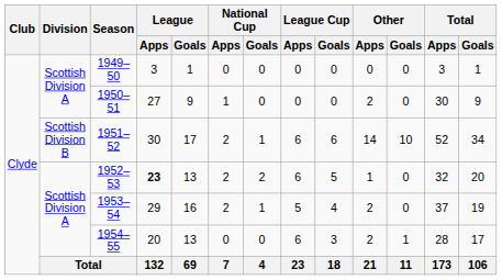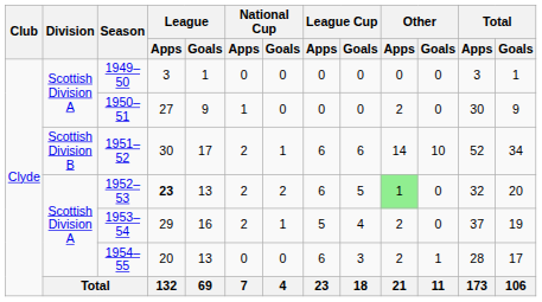 <table class="wikitable" style="text-align: center;">
 <tr>
 <th rowspan="2">Club</th>
 <th rowspan="2">Division</th>
 <th rowspan="2">Season</th>
 <th colspan="2">League</th>
 <th colspan="2">National Cup</th>
 <th colspan="2">League Cup</th>
 <th colspan="2">Other</th>
 <th colspan="2">Total</th>
 </tr>
 <tr>
 <th>Apps</th>
 <th>Goals</th>
 <th>Apps</th>
 <th>Goals</th>
 <th>Apps</th>
 <th>Goals</th>
 <th>Apps</th>
 <th>Goals</th>
 <th>Apps</th>
 <th>Goals</th>
 </tr>
 <tr>
 <td rowspan="7"><a href='#'>Clyde</a></td>
 <td rowspan="2"><a href='#'>Scottish Division A</a></td>
 <td><a href='#'>1949–50</a></td>
 <td>3</td>
 <td>1</td>
 <td>0</td>
 <td>0</td>
 <td>0</td>
 <td>0</td>
 <td>0</td>
 <td>0</td>
 <td>3</td>
 <td>1</td>
 </tr>
 <tr>
 <td><a href='#'>1950–51</a></td>
 <td>27</td>
 <td>9</td>
 <td>1</td>
 <td>0</td>
 <td>0</td>
 <td>0</td>
 <td>2</td>
 <td>0</td>
 <td>30</td>
 <td>9</td>
 </tr>
 <tr>
 <td><a href='#'>Scottish Division B</a></td>
 <td><a href='#'>1951–52</a></td>
 <td>30</td>
 <td>17</td>
 <td>2</td>
 <td>1</td>
 <td>6</td>
 <td>6</td>
 <td>14</td>
 <td>10</td>
 <td>52</td>
 <td>34</td>
 </tr>
 <tr>
 <td rowspan = "3"><a href='#'>Scottish Division A</a></td>
 <td><a href='#'>1952–53</a></td>
 <td><strong>23</strong></td>
 <td>13</td>
 <td>2</td>
 <td>2</td>
 <td>6</td>
 <td>5</td>
-<td>1</td>
+<td style="background: lightgreen;">1</td>
 <td>0</td>
 <td>32</td>
 <td>20</td>
 </tr>
 <tr>
 <td><a href='#'>1953–54</a></td>
 <td>29</td>
 <td>16</td>
 <td>2</td>
 <td>1</td>
 <td>5</td>
 <td>4</td>
 <td>2</td>
 <td>0</td>
 <td>37</td>
 <td>19</td>
 </tr>
 <tr>
 <td><a href='#'>1954–55</a></td>
 <td>20</td>
 <td>13</td>
 <td>0</td>
 <td>0</td>
 <td>6</td>
 <td>3</td>
 <td>2</td>
 <td>1</td>
 <td>28</td>
 <td>17</td>
 </tr>
 <tr>
 <th colspan= "2">Total</th>
 <th>132</th>
 <th>69</th>
 <th>7</th>
 <th>4</th>
 <th>23</th>
 <th>18</th>
 <th>21</th>
 <th>11</th>
 <th>173</th>
 <th>106</th>
 </tr>
 </table>
